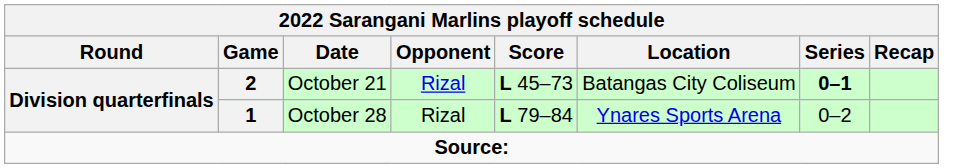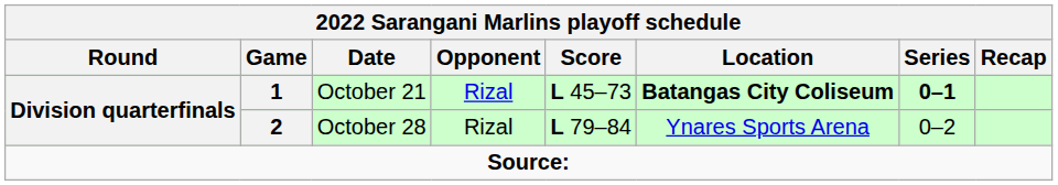 <table class="wikitable" style="text-align:center">
 <tr>
 <th colspan=8>2022 Sarangani Marlins playoff schedule</th>
 </tr>
 <tr>
 <th>Round</th>
 <th>Game</th>
 <th>Date</th>
 <th>Opponent</th>
 <th>Score</th>
 <th>Location</th>
 <th>Series</th>
 <th>Recap<br></th>
 </tr>
 <tr style="background:#cfc">
 <th rowspan=2>Division quarterfinals</th>
-<th>2</th>
+<th>1</th>
 <td>October 21</td>
 <td><a href='#'>Rizal</a></td>
 <td><strong>L</strong> 45–73</td>
-<td>Batangas City Coliseum</td>
+<td><strong>Batangas City Coliseum</strong></td>
 <td><strong>0–1</strong></td>
 <td></td>
 </tr>
 <tr style="background:#cfc">
-<th>1</th>
+<th>2</th>
 <td>October 28</td>
 <td>Rizal</td>
 <td><strong>L</strong> 79–84</td>
 <td><a href='#'>Ynares Sports Arena</a></td>
 <td>0–2</td>
 <td></td>
 </tr>
 <tr>
 <td colspan=8 align=center><strong>Source: </strong></td>
 </tr>
 </table>
